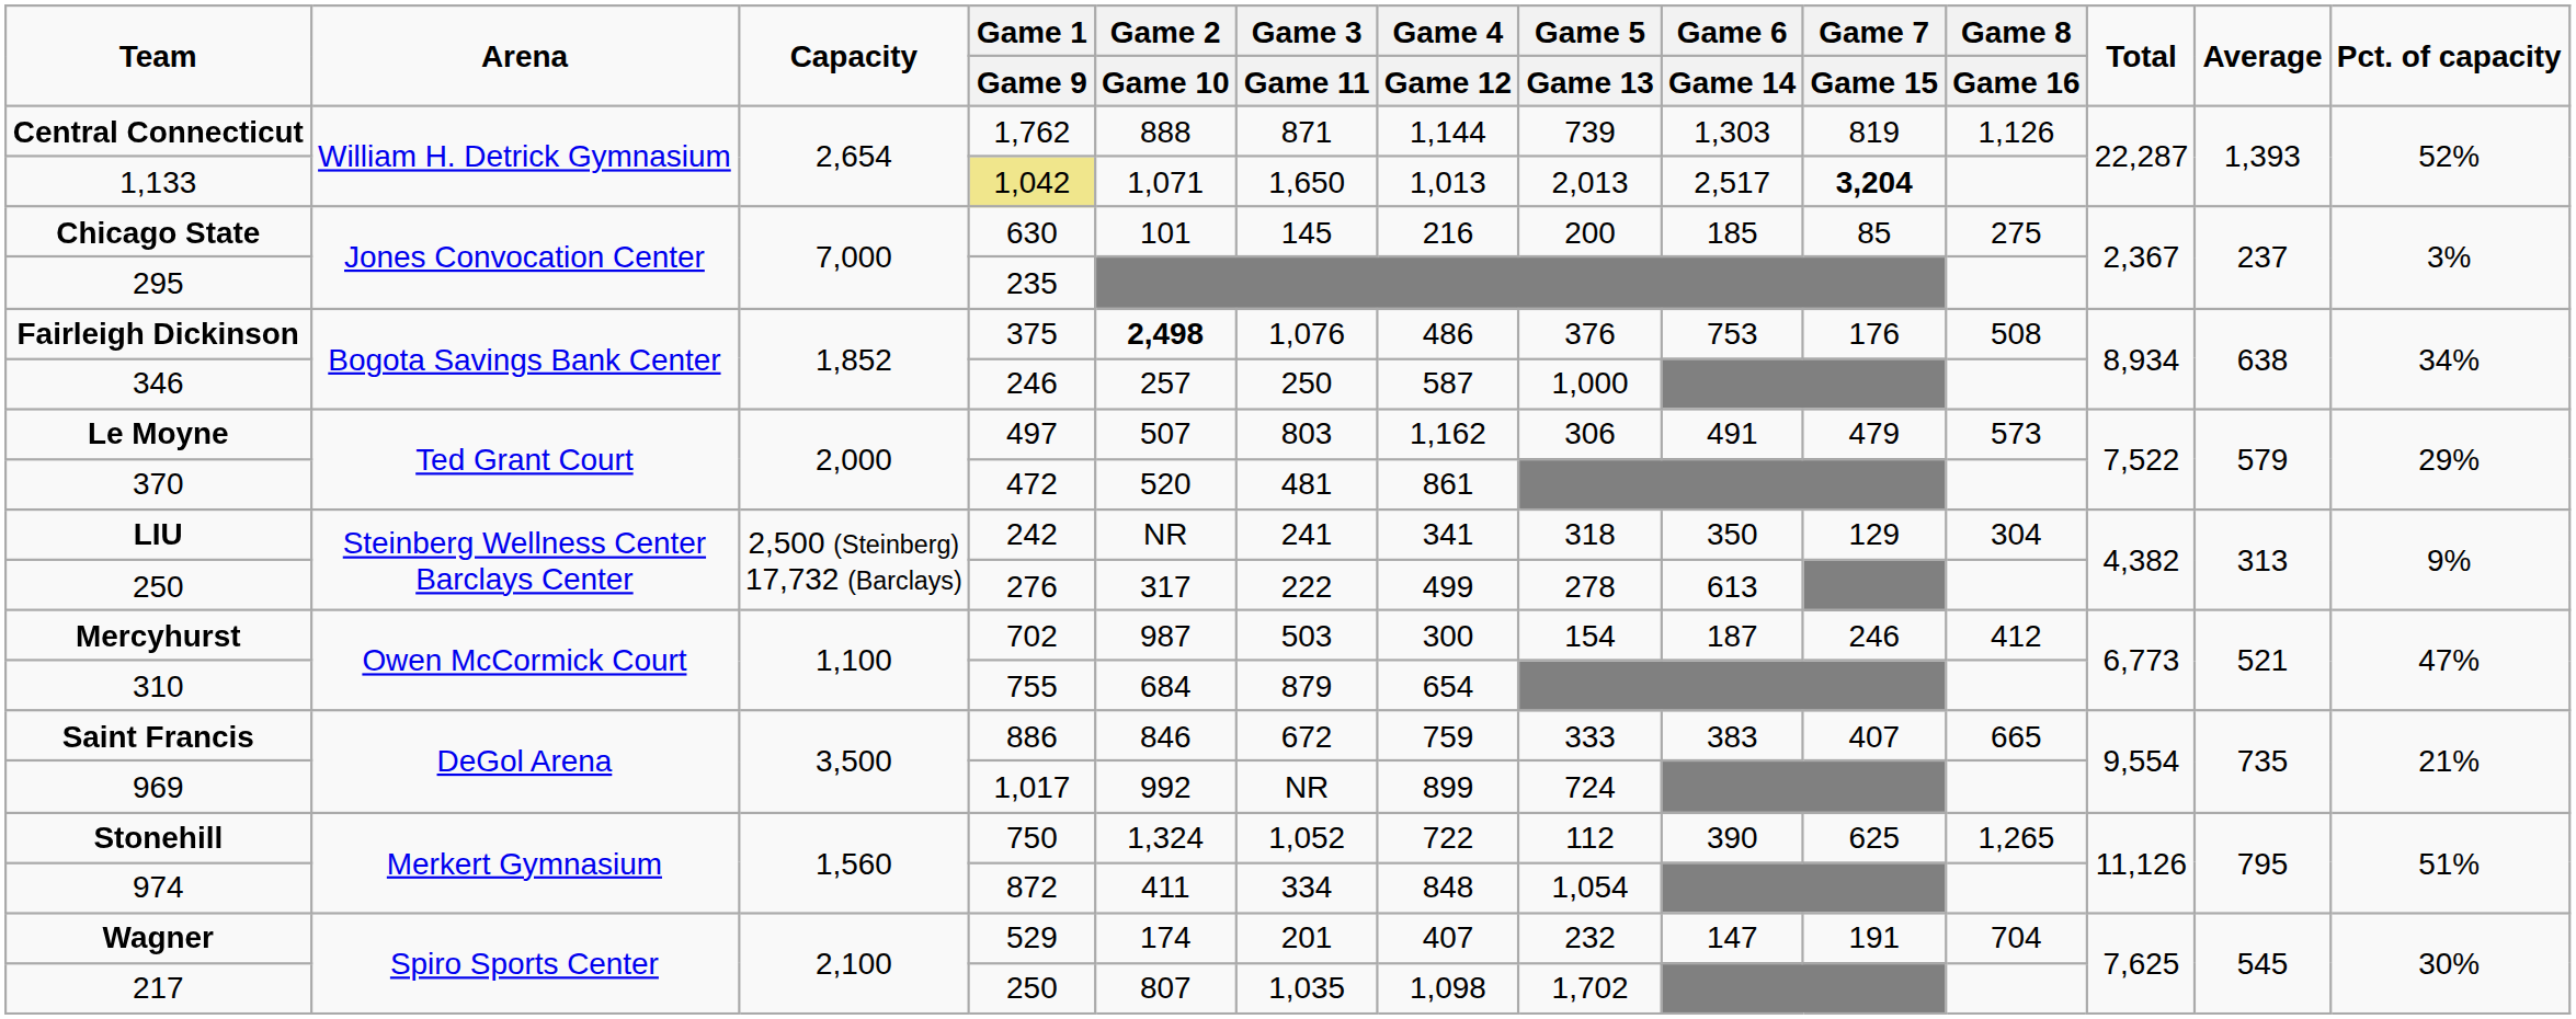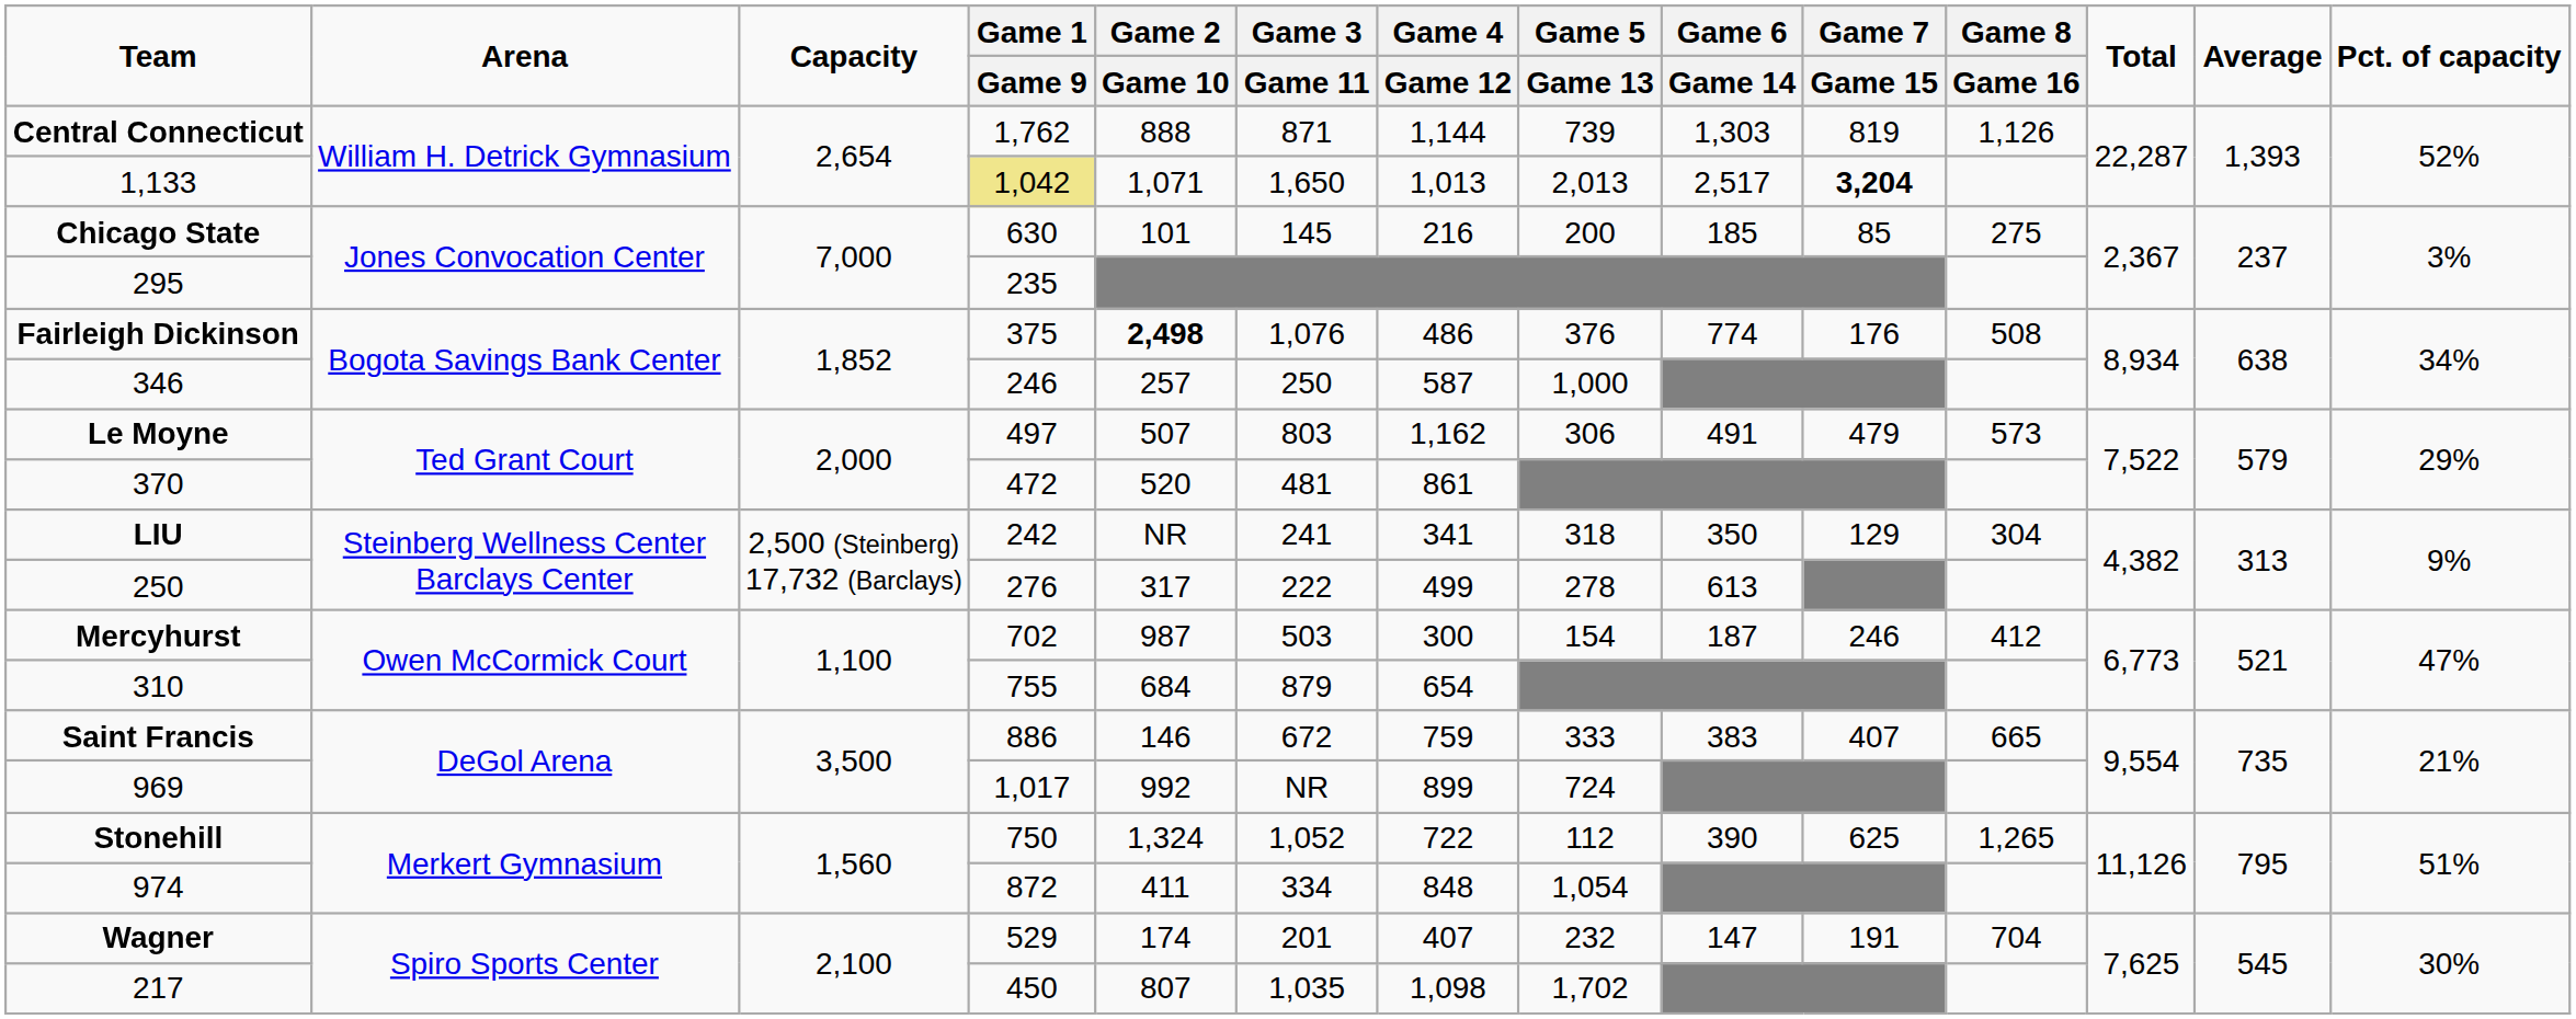 <table class="wikitable sortable" style="text-align:center; font-size:80%;">
 <tr>
 <td rowspan=2><strong>Team</strong></td>
 <td rowspan=2><strong>Arena</strong></td>
 <td rowspan=2><strong>Capacity</strong></td>
 <th>Game 1</th>
 <th>Game 2</th>
 <th>Game 3</th>
 <th>Game 4</th>
 <th>Game 5</th>
 <th>Game 6</th>
 <th>Game 7</th>
 <th>Game 8</th>
 <td rowspan=2><strong>Total</strong></td>
 <td rowspan=2><strong>Average</strong></td>
 <td rowspan=2><strong>Pct. of capacity</strong></td>
 </tr>
 <tr>
 <th>Game 9</th>
 <th>Game 10</th>
 <th>Game 11</th>
 <th>Game 12</th>
 <th>Game 13</th>
 <th>Game 14</th>
 <th>Game 15</th>
 <th>Game 16</th>
 </tr>
 <tr>
 <td style="position: sticky; left: 0; "><strong>Central Connecticut</strong></td>
 <td rowspan=2><a href='#'>William H. Detrick Gymnasium</a></td>
 <td rowspan=2>2,654</td>
 <td>1,762</td>
 <td>888</td>
 <td>871</td>
 <td>1,144</td>
 <td>739</td>
 <td>1,303</td>
 <td>819</td>
 <td>1,126</td>
 <td rowspan=2>22,287</td>
 <td rowspan=2>1,393</td>
 <td rowspan=2>52%</td>
 </tr>
 <tr>
 <td>1,133</td>
 <td style="background: khaki;">1,042</td>
 <td>1,071</td>
 <td>1,650</td>
 <td>1,013</td>
 <td>2,013</td>
 <td>2,517</td>
 <td><strong>3,204</strong></td>
 </tr>
 <tr>
 <td style="position: sticky; left: 0; "><strong>Chicago State</strong></td>
 <td rowspan=2><a href='#'>Jones Convocation Center</a></td>
 <td rowspan=2>7,000</td>
 <td>630</td>
 <td>101</td>
 <td>145</td>
 <td>216</td>
 <td>200</td>
 <td>185</td>
 <td>85</td>
 <td>275</td>
 <td rowspan=2>2,367</td>
 <td rowspan=2>237</td>
 <td rowspan=2>3%</td>
 </tr>
 <tr>
 <td>295</td>
 <td>235</td>
 <td colspan=6; style="background:#808080;"></td>
 </tr>
 <tr>
 <td style="position: sticky; left: 0; "><strong>Fairleigh Dickinson</strong></td>
 <td rowspan=2><a href='#'>Bogota Savings Bank Center</a></td>
 <td rowspan=2>1,852</td>
 <td>375</td>
 <td><strong>2,498</strong></td>
 <td>1,076</td>
 <td>486</td>
 <td>376</td>
-<td>753</td>
+<td>774</td>
 <td>176</td>
 <td>508</td>
 <td rowspan=2>8,934</td>
 <td rowspan=2>638</td>
 <td rowspan=2>34%</td>
 </tr>
 <tr>
 <td>346</td>
 <td>246</td>
 <td>257</td>
 <td>250</td>
 <td>587</td>
 <td>1,000</td>
 <td colspan=2; style="background:#808080;"></td>
 </tr>
 <tr>
 <td style="position: sticky; left: 0; "><strong>Le Moyne</strong></td>
 <td rowspan=2><a href='#'>Ted Grant Court</a></td>
 <td rowspan=2>2,000</td>
 <td>497</td>
 <td>507</td>
 <td>803</td>
 <td>1,162</td>
 <td>306</td>
 <td>491</td>
 <td>479</td>
 <td>573</td>
 <td rowspan=2>7,522</td>
 <td rowspan=2>579</td>
 <td rowspan=2>29%</td>
 </tr>
 <tr>
 <td>370</td>
 <td>472</td>
 <td>520</td>
 <td>481</td>
 <td>861</td>
 <td colspan=3; style="background:#808080;"></td>
 </tr>
 <tr>
 <td style="position: sticky; left: 0; "><strong>LIU</strong></td>
 <td rowspan=2><a href='#'>Steinberg Wellness Center</a><br><a href='#'>Barclays Center</a></td>
 <td rowspan=2>2,500 <small>(Steinberg)</small><br>17,732 <small>(Barclays)</small></td>
 <td>242</td>
 <td>NR</td>
 <td>241</td>
 <td>341</td>
 <td>318</td>
 <td>350</td>
 <td>129</td>
 <td>304</td>
 <td rowspan=2>4,382</td>
 <td rowspan=2>313</td>
 <td rowspan=2>9%</td>
 </tr>
 <tr>
 <td>250</td>
 <td>276</td>
 <td>317</td>
 <td>222</td>
 <td>499</td>
 <td>278</td>
 <td>613</td>
 <td style="background:#808080;"></td>
 </tr>
 <tr>
 <td style="position: sticky; left: 0; "><strong>Mercyhurst</strong></td>
 <td rowspan=2><a href='#'>Owen McCormick Court</a></td>
 <td rowspan=2>1,100</td>
 <td>702</td>
 <td>987</td>
 <td>503</td>
 <td>300</td>
 <td>154</td>
 <td>187</td>
 <td>246</td>
 <td>412</td>
 <td rowspan=2>6,773</td>
 <td rowspan=2>521</td>
 <td rowspan=2>47%</td>
 </tr>
 <tr>
 <td>310</td>
 <td>755</td>
 <td>684</td>
 <td>879</td>
 <td>654</td>
 <td colspan=3; style="background:#808080;"></td>
 </tr>
 <tr>
 <td style="position: sticky; left: 0; "><strong>Saint Francis</strong></td>
 <td rowspan=2><a href='#'>DeGol Arena</a></td>
 <td rowspan=2>3,500</td>
 <td>886</td>
-<td>846</td>
+<td>146</td>
 <td>672</td>
 <td>759</td>
 <td>333</td>
 <td>383</td>
 <td>407</td>
 <td>665</td>
 <td rowspan=2>9,554</td>
 <td rowspan=2>735</td>
 <td rowspan=2>21%</td>
 </tr>
 <tr>
 <td>969</td>
 <td>1,017</td>
 <td>992</td>
 <td>NR</td>
 <td>899</td>
 <td>724</td>
 <td colspan=2; style="background:#808080;"></td>
 </tr>
 <tr>
 <td style="position: sticky; left: 0; "><strong>Stonehill</strong></td>
 <td rowspan=2><a href='#'>Merkert Gymnasium</a></td>
 <td rowspan=2>1,560</td>
 <td>750</td>
 <td>1,324</td>
 <td>1,052</td>
 <td>722</td>
 <td>112</td>
 <td>390</td>
 <td>625</td>
 <td>1,265</td>
 <td rowspan=2>11,126</td>
 <td rowspan=2>795</td>
 <td rowspan=2>51%</td>
 </tr>
 <tr>
 <td>974</td>
 <td>872</td>
 <td>411</td>
 <td>334</td>
 <td>848</td>
 <td>1,054</td>
 <td colspan=2; style="background:#808080;"></td>
 </tr>
 <tr>
 <td style="position: sticky; left: 0; "><strong>Wagner</strong></td>
 <td rowspan=2><a href='#'>Spiro Sports Center</a></td>
 <td rowspan=2>2,100</td>
 <td>529</td>
 <td>174</td>
 <td>201</td>
 <td>407</td>
 <td>232</td>
 <td>147</td>
 <td>191</td>
 <td>704</td>
 <td rowspan=2>7,625</td>
 <td rowspan=2>545</td>
 <td rowspan=2>30%</td>
 </tr>
 <tr>
 <td>217</td>
-<td>250</td>
+<td>450</td>
 <td>807</td>
 <td>1,035</td>
 <td>1,098</td>
 <td>1,702</td>
 <td colspan=2; style="background:#808080;"></td>
 </tr>
 </table>
